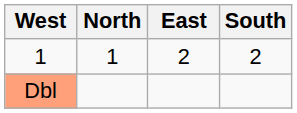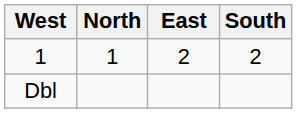 <table class='wikitable'>
 <tr>
 <th width="25%"><strong>West </strong></th>
 <th width="25%"><strong>North </strong></th>
 <th width="25%"><strong>East </strong></th>
 <th width="25%"><strong>South</strong></th>
 </tr>
 <tr align=center>
 <td>1</td>
 <td>1 </td>
 <td>2</td>
 <td>2 </td>
 </tr>
 <tr align=center>
-<td style="background: lightsalmon;">Dbl</td>
+<td>Dbl</td>
 <td></td>
 <td></td>
 </tr>
 </table>
